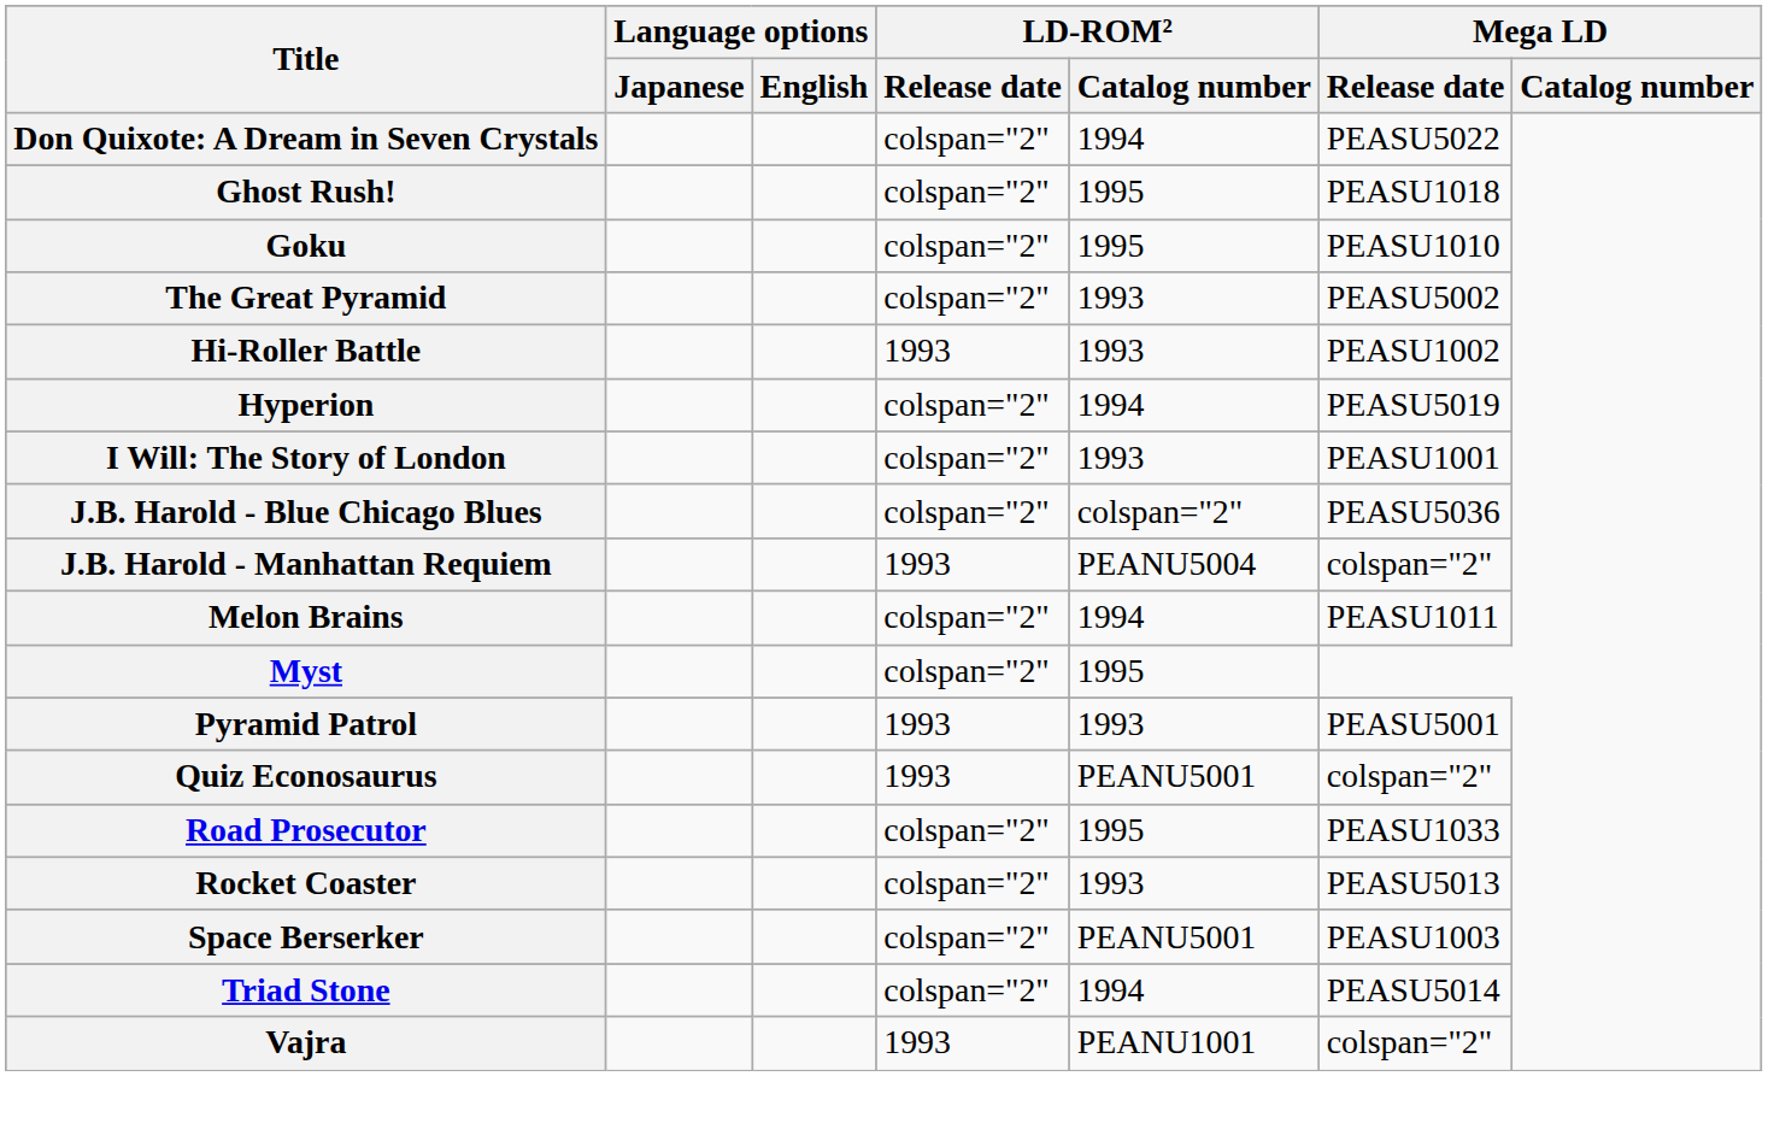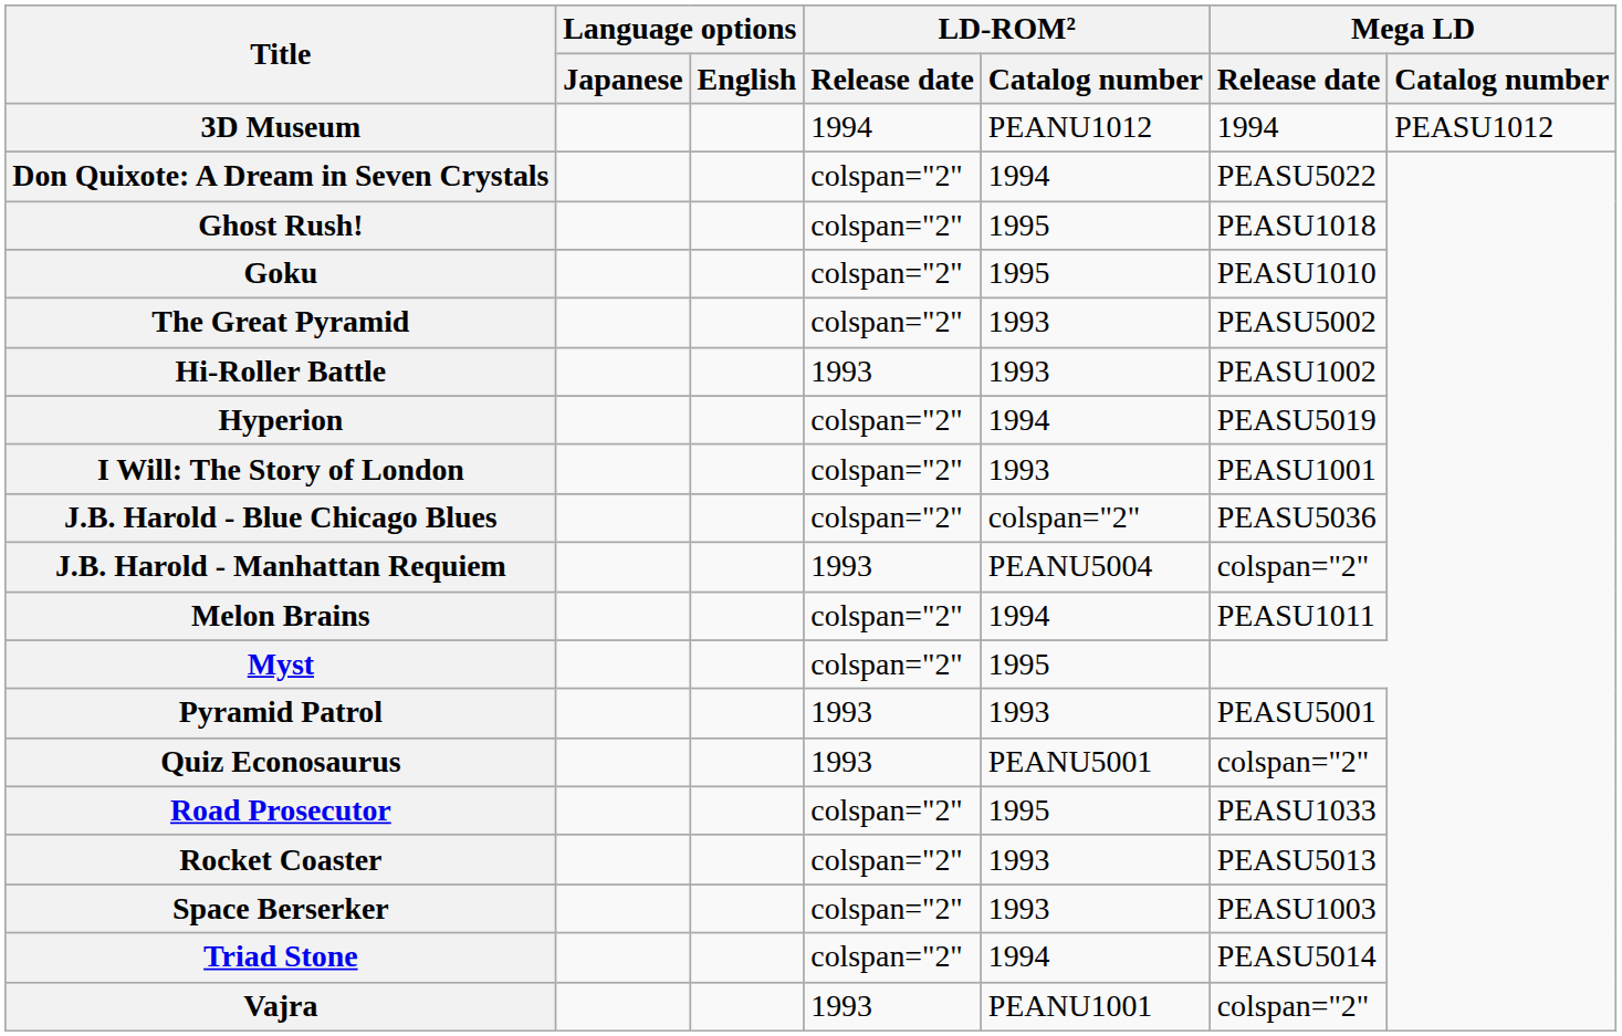 <table class="wikitable sortable center">
 <tr>
 <th scope="col" rowspan="2">Title</th>
 <th scope="col" colspan="2">Language options</th>
 <th scope="col" colspan="2">LD-ROM²</th>
 <th scope="col" colspan="2">Mega LD</th>
 </tr>
 <tr>
 <th scope="col">Japanese</th>
 <th scope="col">English</th>
 <th scope="col">Release date</th>
 <th scope="col">Catalog number</th>
 <th scope="col">Release date</th>
 <th scope="col">Catalog number</th>
+</tr>
+<tr>
+<th scope="row" >3D Museum</th>
+<td></td>
+<td></td>
+<td>1994</td>
+<td>PEANU1012</td>
+<td>1994</td>
+<td>PEASU1012</td>
 </tr>
 <tr>
 <th scope="row" >Don Quixote: A Dream in Seven Crystals</th>
 <td></td>
 <td></td>
 <td>colspan="2" </td>
 <td>1994</td>
 <td>PEASU5022</td>
 </tr>
 <tr>
 <th scope="row" >Ghost Rush!</th>
 <td></td>
 <td></td>
 <td>colspan="2" </td>
 <td>1995</td>
 <td>PEASU1018</td>
 </tr>
 <tr>
 <th scope="row" >Goku</th>
 <td></td>
 <td></td>
 <td>colspan="2" </td>
 <td>1995</td>
 <td>PEASU1010</td>
 </tr>
 <tr>
 <th scope="row" >The Great Pyramid</th>
 <td></td>
 <td></td>
 <td>colspan="2" </td>
 <td>1993</td>
 <td>PEASU5002</td>
 </tr>
 <tr>
 <th scope="row" >Hi-Roller Battle</th>
 <td></td>
 <td></td>
 <td>1993</td>
 <td>1993</td>
 <td>PEASU1002</td>
 </tr>
 <tr>
 <th scope="row" >Hyperion</th>
 <td></td>
 <td></td>
 <td>colspan="2" </td>
 <td>1994</td>
 <td>PEASU5019</td>
 </tr>
 <tr>
 <th scope="row" >I Will: The Story of London</th>
 <td></td>
 <td></td>
 <td>colspan="2" </td>
 <td>1993</td>
 <td>PEASU1001</td>
 </tr>
 <tr>
 <th scope="row" >J.B. Harold - Blue Chicago Blues</th>
 <td></td>
 <td></td>
 <td>colspan="2" </td>
 <td>colspan="2" </td>
 <td>PEASU5036</td>
 </tr>
 <tr>
 <th scope="row" >J.B. Harold - Manhattan Requiem</th>
 <td></td>
 <td></td>
 <td>1993</td>
 <td>PEANU5004</td>
 <td>colspan="2" </td>
 </tr>
 <tr>
 <th scope="row" >Melon Brains</th>
 <td></td>
 <td></td>
 <td>colspan="2" </td>
 <td>1994</td>
 <td>PEASU1011</td>
 </tr>
 <tr>
 <th scope="row" ><a href='#'>Myst</a></th>
 <td></td>
 <td></td>
 <td>colspan="2" </td>
 <td>1995</td>
 </tr>
 <tr>
 <th scope="row" >Pyramid Patrol</th>
 <td></td>
 <td></td>
 <td>1993</td>
 <td>1993</td>
 <td>PEASU5001</td>
 </tr>
 <tr>
 <th scope="row" >Quiz Econosaurus</th>
 <td></td>
 <td></td>
 <td>1993</td>
 <td>PEANU5001</td>
 <td>colspan="2" </td>
 </tr>
 <tr>
 <th scope="row" ><a href='#'>Road Prosecutor</a></th>
 <td></td>
 <td></td>
 <td>colspan="2" </td>
 <td>1995</td>
 <td>PEASU1033</td>
 </tr>
 <tr>
 <th scope="row" >Rocket Coaster</th>
 <td></td>
 <td></td>
 <td>colspan="2" </td>
 <td>1993</td>
 <td>PEASU5013</td>
 </tr>
 <tr>
 <th scope="row" >Space Berserker</th>
 <td></td>
 <td></td>
 <td>colspan="2" </td>
-<td>PEANU5001</td>
+<td>1993</td>
 <td>PEASU1003</td>
 </tr>
 <tr>
 <th scope="row" ><a href='#'>Triad Stone</a></th>
 <td></td>
 <td></td>
 <td>colspan="2" </td>
 <td>1994</td>
 <td>PEASU5014</td>
 </tr>
 <tr>
 <th scope="row" >Vajra</th>
 <td></td>
 <td></td>
 <td>1993</td>
 <td>PEANU1001</td>
 <td>colspan="2" </td>
 </tr>
 </table>
